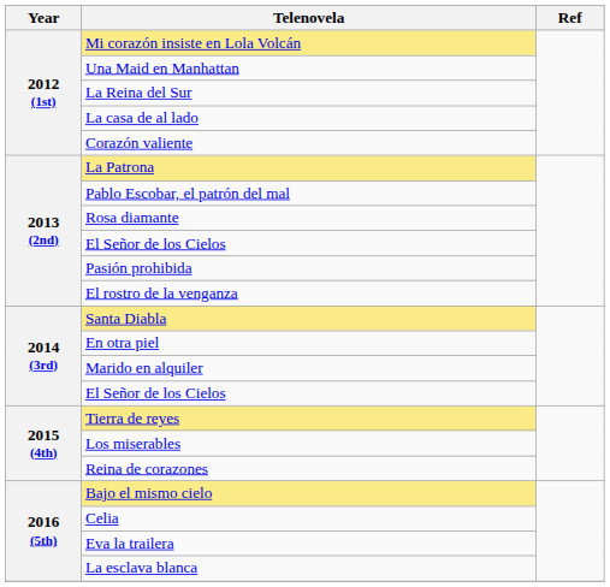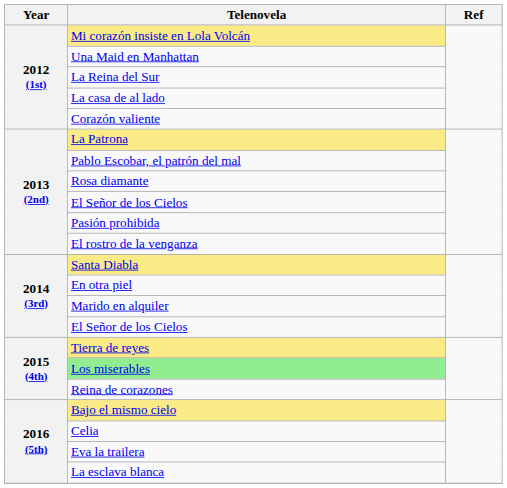 <table class="wikitable sortable">
 <tr style="background:#bebebe;">
 <th scope="col" style="width:1%;">Year</th>
 <th scope="col" style="width:10%;">Telenovela</th>
 <th scope="col" style="width:1%;" class="unsortable">Ref</th>
 </tr>
 <tr>
 <th scope="row"  rowspan=5 style="text-align:center">2012 <br><small><a href='#'>(1st)</a></small></th>
 <td style="background:#FAEB86"><a href='#'>Mi corazón insiste en Lola Volcán</a> </td>
 <td rowspan=5 style="text-align:center"></td>
 </tr>
 <tr>
 <td><a href='#'>Una Maid en Manhattan</a></td>
 </tr>
 <tr>
 <td><a href='#'>La Reina del Sur</a></td>
 </tr>
 <tr>
 <td><a href='#'>La casa de al lado</a></td>
 </tr>
 <tr>
 <td><a href='#'>Corazón valiente</a></td>
 </tr>
 <tr>
 <th scope="row"  rowspan=6 style="text-align:center">2013 <br><small><a href='#'>(2nd)</a></small></th>
 <td style="background:#FAEB86"><a href='#'>La Patrona</a> </td>
 <td rowspan=6 style="text-align:center"></td>
 </tr>
 <tr>
 <td><a href='#'>Pablo Escobar, el patrón del mal</a></td>
 </tr>
 <tr>
 <td><a href='#'>Rosa diamante</a></td>
 </tr>
 <tr>
 <td><a href='#'>El Señor de los Cielos</a></td>
 </tr>
 <tr>
 <td><a href='#'>Pasión prohibida</a></td>
 </tr>
 <tr>
 <td><a href='#'>El rostro de la venganza</a></td>
 </tr>
 <tr>
 <th scope="row"  rowspan=4 style="text-align:center">2014 <br><small><a href='#'>(3rd)</a></small></th>
 <td style="background:#FAEB86"><a href='#'>Santa Diabla</a> </td>
 <td rowspan=4 style="text-align:center"></td>
 </tr>
 <tr>
 <td><a href='#'>En otra piel</a></td>
 </tr>
 <tr>
 <td><a href='#'>Marido en alquiler</a></td>
 </tr>
 <tr>
 <td><a href='#'>El Señor de los Cielos</a></td>
 </tr>
 <tr>
 <th scope="row"  rowspan=3 style="text-align:center">2015 <br><small><a href='#'>(4th)</a></small></th>
 <td style="background:#FAEB86"><a href='#'>Tierra de reyes</a> </td>
 <td rowspan=3 style="text-align:center"></td>
 </tr>
 <tr>
-<td><a href='#'>Los miserables</a></td>
+<td style="background: lightgreen;"><a href='#'>Los miserables</a></td>
 </tr>
 <tr>
 <td><a href='#'>Reina de corazones</a></td>
 </tr>
 <tr>
 <th scope="row"  rowspan=4 style="text-align:center">2016 <br><small><a href='#'>(5th)</a></small></th>
 <td style="background:#FAEB86"><a href='#'>Bajo el mismo cielo</a> </td>
 <td rowspan=4 style="text-align:center"></td>
 </tr>
 <tr>
 <td><a href='#'>Celia</a></td>
 </tr>
 <tr>
 <td><a href='#'>Eva la trailera</a></td>
 </tr>
 <tr>
 <td><a href='#'>La esclava blanca</a></td>
 </tr>
 <tr>
 </tr>
 </table>
